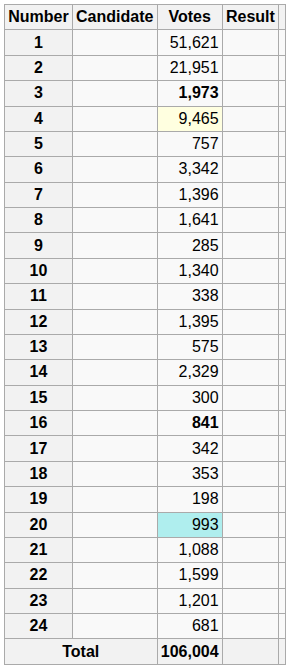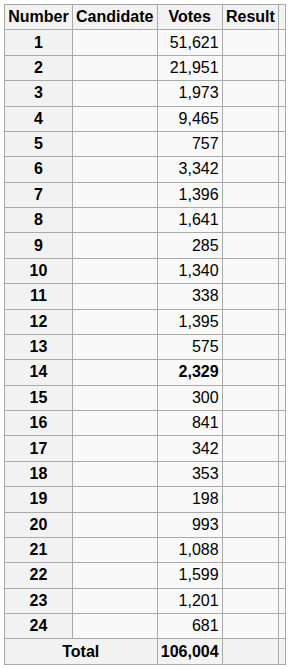 <table class="wikitable sortable">
 <tr>
 <th scope="col">Number</th>
 <th scope="col">Candidate</th>
 <th scope="col">Votes</th>
 <th scope="col">Result</th>
 <th scope="col" class="unsortable"></th>
 </tr>
 <tr>
 <th scope="row">1</th>
 <td></td>
 <td style="text-align:right">51,621</td>
 <td></td>
 <td></td>
 </tr>
 <tr>
 <th scope="row">2</th>
 <td></td>
 <td style="text-align:right">21,951</td>
 <td></td>
 <td></td>
 </tr>
 <tr>
 <th scope="row">3</th>
 <td></td>
-<td style="text-align:right"><strong>1,973</strong></td>
+<td style="text-align:right">1,973</td>
 <td></td>
 <td></td>
 </tr>
 <tr>
 <th scope="row">4</th>
 <td></td>
-<td style="background: lightyellow; text-align:right">9,465</td>
+<td style="text-align:right">9,465</td>
 <td></td>
 <td></td>
 </tr>
 <tr>
 <th scope="row">5</th>
 <td></td>
 <td style="text-align:right">757</td>
 <td></td>
 <td></td>
 </tr>
 <tr>
 <th scope="row">6</th>
 <td></td>
 <td style="text-align:right">3,342</td>
 <td></td>
 <td></td>
 </tr>
 <tr>
 <th scope="row">7</th>
 <td></td>
 <td style="text-align:right">1,396</td>
 <td></td>
 <td></td>
 </tr>
 <tr>
 <th scope="row">8</th>
 <td></td>
 <td style="text-align:right">1,641</td>
 <td></td>
 <td></td>
 </tr>
 <tr>
 <th scope="row">9</th>
 <td></td>
 <td style="text-align:right">285</td>
 <td></td>
 <td></td>
 </tr>
 <tr>
 <th scope="row">10</th>
 <td></td>
 <td style="text-align:right">1,340</td>
 <td></td>
 <td></td>
 </tr>
 <tr>
 <th scope="row">11</th>
 <td></td>
 <td style="text-align:right">338</td>
 <td></td>
 <td></td>
 </tr>
 <tr>
 <th scope="row">12</th>
 <td></td>
 <td style="text-align:right">1,395</td>
 <td></td>
 <td></td>
 </tr>
 <tr>
 <th scope="row">13</th>
 <td></td>
 <td style="text-align:right">575</td>
 <td></td>
 <td></td>
 </tr>
 <tr>
 <th scope="row">14</th>
 <td></td>
-<td style="text-align:right">2,329</td>
+<td style="text-align:right"><strong>2,329</strong></td>
 <td></td>
 <td></td>
 </tr>
 <tr>
 <th scope="row">15</th>
 <td></td>
 <td style="text-align:right">300</td>
 <td></td>
 <td></td>
 </tr>
 <tr>
 <th scope="row">16</th>
 <td></td>
-<td style="text-align:right"><strong>841</strong></td>
+<td style="text-align:right">841</td>
 <td></td>
 <td></td>
 </tr>
 <tr>
 <th scope="row">17</th>
 <td></td>
 <td style="text-align:right">342</td>
 <td></td>
 <td></td>
 </tr>
 <tr>
 <th scope="row">18</th>
 <td></td>
 <td style="text-align:right">353</td>
 <td></td>
 <td></td>
 </tr>
 <tr>
 <th scope="row">19</th>
 <td></td>
 <td style="text-align:right">198</td>
 <td></td>
 <td></td>
 </tr>
 <tr>
 <th scope="row">20</th>
 <td></td>
-<td style="background: paleturquoise; text-align:right">993</td>
+<td style="text-align:right">993</td>
 <td></td>
 <td></td>
 </tr>
 <tr>
 <th scope="row">21</th>
 <td></td>
 <td style="text-align:right">1,088</td>
 <td></td>
 <td></td>
 </tr>
 <tr>
 <th scope="row">22</th>
 <td></td>
 <td style="text-align:right">1,599</td>
 <td></td>
 <td></td>
 </tr>
 <tr>
 <th scope="row">23</th>
 <td></td>
 <td style="text-align:right">1,201</td>
 <td></td>
 <td></td>
 </tr>
 <tr>
 <th scope="row">24</th>
 <td></td>
 <td style="text-align:right">681</td>
 <td></td>
 <td></td>
 </tr>
 <tr class="sortbottom">
 <th scope="row" colspan="2">Total</th>
 <th style="text-align:right">106,004</th>
 <th></th>
 <th></th>
 </tr>
 </table>
